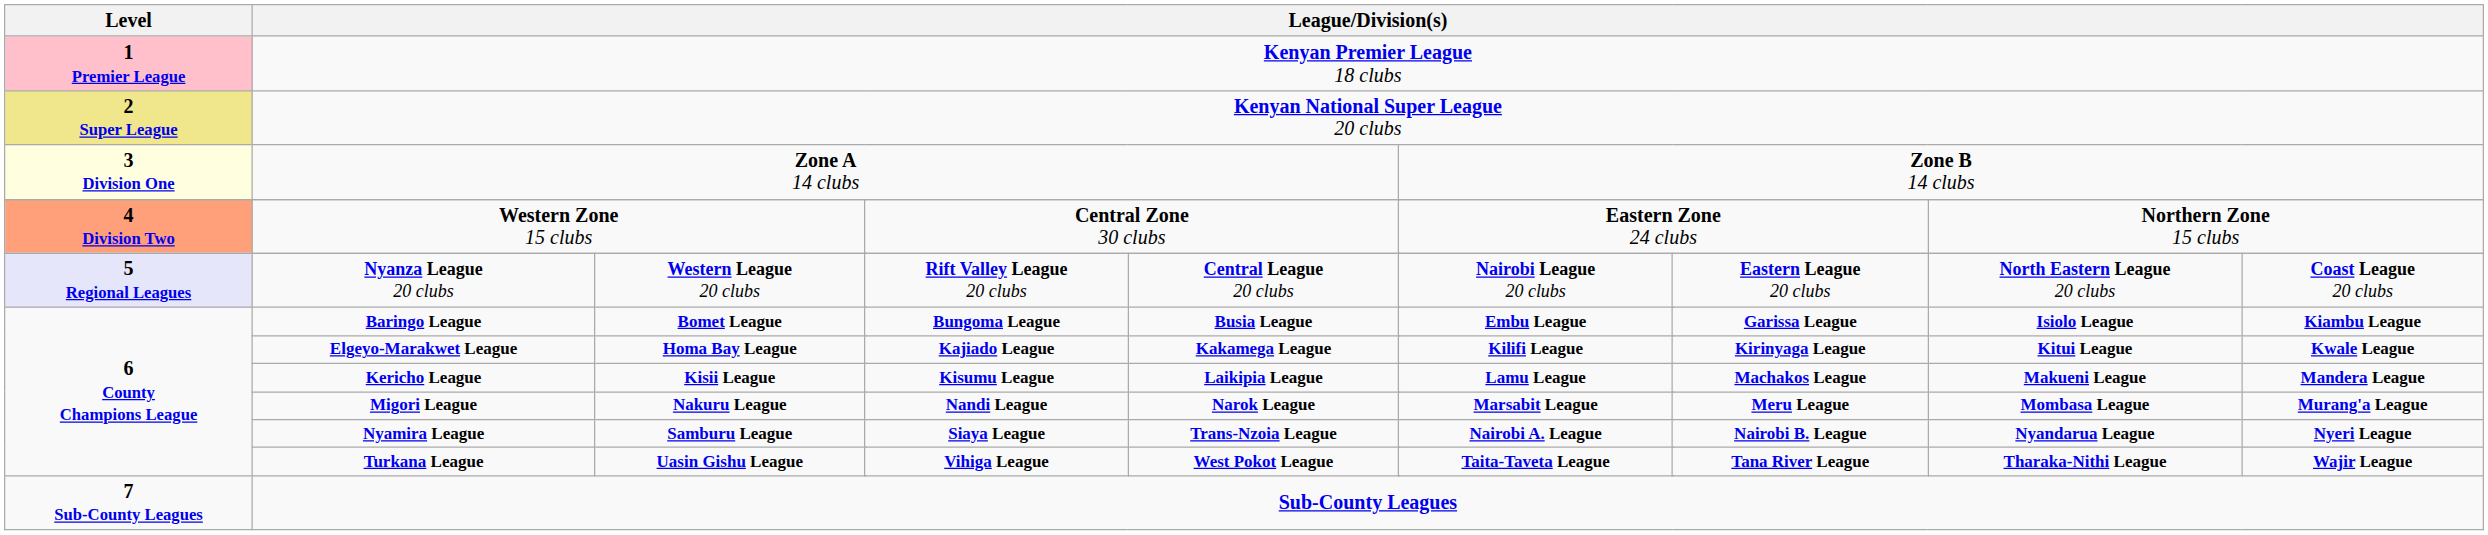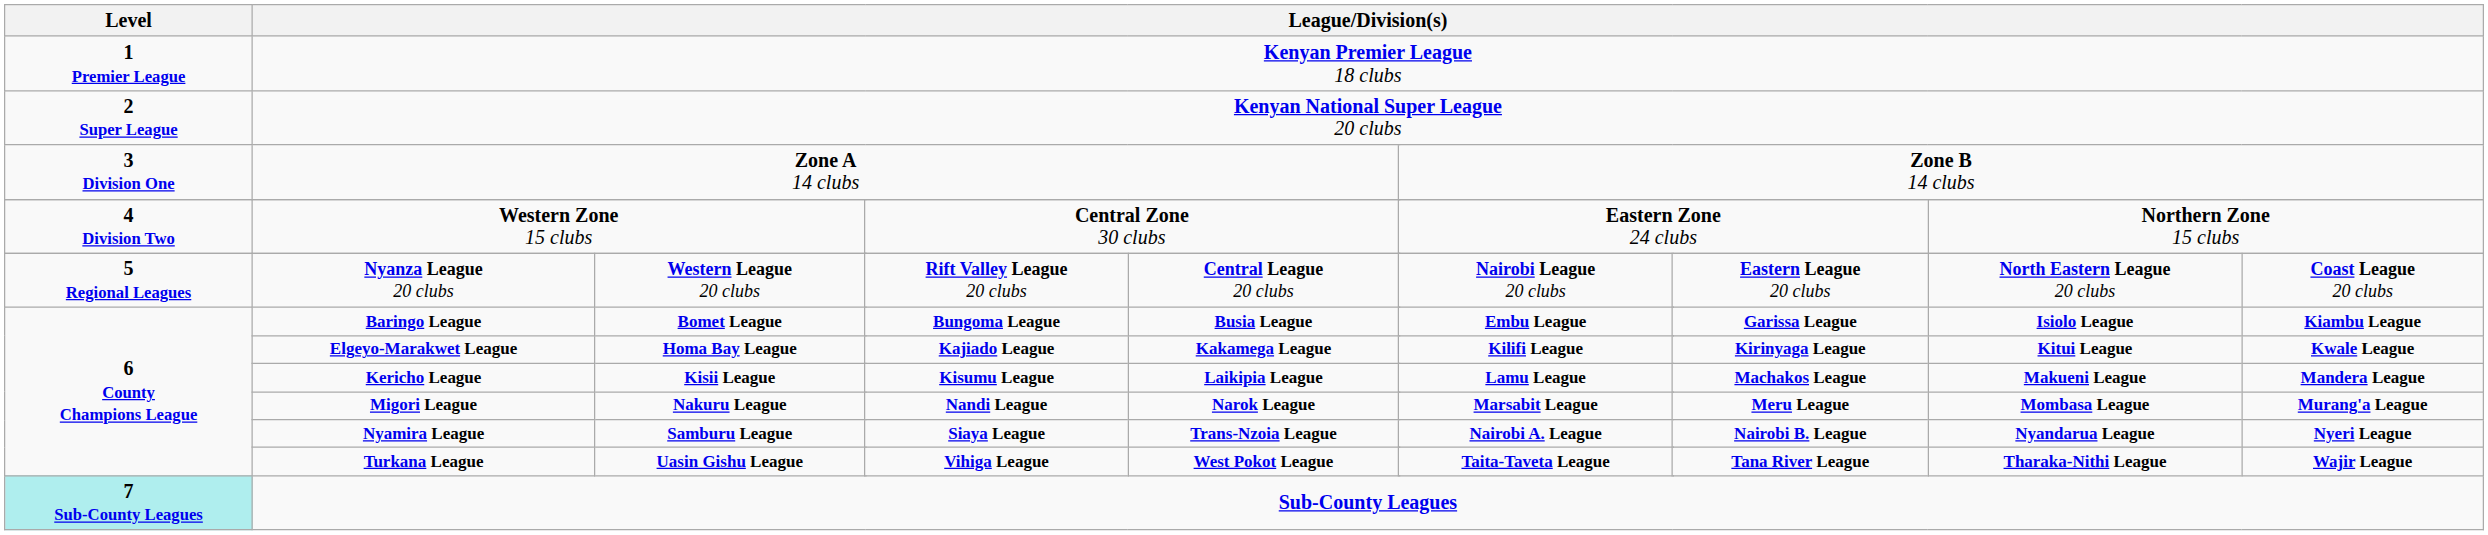 <table class="wikitable" align="center" style="width: 100%; text-align: center;">
 <tr>
 <th width="10%">Level</th>
 <th colspan="64">League/Division(s)</th>
 </tr>
 <tr>
-<td style="background: pink;"><strong>1</strong><br><small><strong><a href='#'>Premier League</a></strong></small></td>
+<td><strong>1</strong><br><small><strong><a href='#'>Premier League</a></strong></small></td>
 <td colspan="64"><strong><a href='#'>Kenyan Premier League</a></strong><br><em>18 clubs</em></td>
 </tr>
 <tr>
-<td style="background: khaki;"><strong>2</strong><br><small><strong><a href='#'>Super League</a></strong></small></td>
+<td><strong>2</strong><br><small><strong><a href='#'>Super League</a></strong></small></td>
 <td colspan="64"><strong><a href='#'>Kenyan National Super League</a></strong><br><em>20 clubs</em></td>
 </tr>
 <tr>
-<td style="background: lightyellow;"><strong>3</strong><br><small><strong><a href='#'>Division One</a></strong></small></td>
+<td><strong>3</strong><br><small><strong><a href='#'>Division One</a></strong></small></td>
 <td colspan="32"><strong>Zone A</strong><br><em>14 clubs</em></td>
 <td colspan="32"><strong>Zone B</strong><br><em>14 clubs</em></td>
 </tr>
 <tr>
 </tr>
 <tr>
-<td style="background: lightsalmon;"><strong>4</strong><br><small><strong><a href='#'>Division Two</a></strong></small></td>
+<td><strong>4</strong><br><small><strong><a href='#'>Division Two</a></strong></small></td>
 <td colspan="16"><strong>Western Zone</strong><br><em>15 clubs</em></td>
 <td colspan="16"><strong>Central Zone</strong><br><em>30 clubs</em></td>
 <td colspan="16"><strong>Eastern Zone</strong><br><em>24 clubs</em></td>
 <td colspan="16"><strong>Northern Zone</strong><br><em>15 clubs</em></td>
 </tr>
 <tr>
 </tr>
 <tr>
-<td style="background: lavender;"><strong>5</strong><br><small><strong><a href='#'>Regional Leagues</a></strong></small></td>
+<td><strong>5</strong><br><small><strong><a href='#'>Regional Leagues</a></strong></small></td>
 <td style="font-size: 90%;" colspan="8"><strong><a href='#'>Nyanza</a> League</strong><br><em>20 clubs</em></td>
 <td style="font-size: 90%;" colspan="8"><strong><a href='#'>Western</a> League</strong><br><em>20 clubs</em></td>
 <td style="font-size: 90%;" colspan="8"><strong><a href='#'>Rift Valley</a> League</strong><br><em>20 clubs</em></td>
 <td style="font-size: 90%;" colspan="8"><strong><a href='#'>Central</a> League</strong><br><em>20 clubs</em></td>
 <td style="font-size: 90%;" colspan="8"><strong><a href='#'>Nairobi</a> League</strong><br><em>20 clubs</em></td>
 <td style="font-size: 90%;" colspan="8"><strong><a href='#'>Eastern</a> League</strong><br><em>20 clubs</em></td>
 <td style="font-size: 90%;" colspan="8"><strong><a href='#'>North Eastern</a> League</strong><br><em>20 clubs</em></td>
 <td style="font-size: 90%;" colspan="8"><strong><a href='#'>Coast</a> League</strong><br><em>20 clubs</em></td>
 </tr>
 <tr>
 <td rowspan="6"><strong>6</strong><br><small><strong><a href='#'>County<br>Champions League</a></strong></small></td>
 <td style="font-size: 85%;" colspan="8"><strong><a href='#'>Baringo</a> League</strong></td>
 <td style="font-size: 85%;" colspan="8"><strong><a href='#'>Bomet</a> League</strong></td>
 <td style="font-size: 85%;" colspan="8"><strong><a href='#'>Bungoma</a> League</strong></td>
 <td style="font-size: 85%;" colspan="8"><strong><a href='#'>Busia</a> League</strong></td>
 <td style="font-size: 85%;" colspan="8"><strong><a href='#'>Embu</a> League</strong></td>
 <td style="font-size: 85%;" colspan="8"><strong><a href='#'>Garissa</a> League</strong></td>
 <td style="font-size: 85%;" colspan="8"><strong><a href='#'>Isiolo</a> League</strong></td>
 <td style="font-size: 85%;" colspan="8"><strong><a href='#'>Kiambu</a> League</strong></td>
 </tr>
 <tr>
 <td style="font-size: 85%;" colspan="8"><strong><a href='#'>Elgeyo-Marakwet</a> League</strong></td>
 <td style="font-size: 85%;" colspan="8"><strong><a href='#'>Homa Bay</a> League</strong></td>
 <td style="font-size: 85%;" colspan="8"><strong><a href='#'>Kajiado</a> League</strong></td>
 <td style="font-size: 85%;" colspan="8"><strong><a href='#'>Kakamega</a> League</strong></td>
 <td style="font-size: 85%;" colspan="8"><strong><a href='#'>Kilifi</a> League</strong></td>
 <td style="font-size: 85%;" colspan="8"><strong><a href='#'>Kirinyaga</a> League</strong></td>
 <td style="font-size: 85%;" colspan="8"><strong><a href='#'>Kitui</a> League</strong></td>
 <td style="font-size: 85%;" colspan="8"><strong><a href='#'>Kwale</a> League</strong></td>
 </tr>
 <tr>
 <td style="font-size: 85%;" colspan="8"><strong><a href='#'>Kericho</a> League</strong></td>
 <td style="font-size: 85%;" colspan="8"><strong><a href='#'>Kisii</a> League</strong></td>
 <td style="font-size: 85%;" colspan="8"><strong><a href='#'>Kisumu</a> League</strong></td>
 <td style="font-size: 85%;" colspan="8"><strong><a href='#'>Laikipia</a> League</strong></td>
 <td style="font-size: 85%;" colspan="8"><strong><a href='#'>Lamu</a> League</strong></td>
 <td style="font-size: 85%;" colspan="8"><strong><a href='#'>Machakos</a> League</strong></td>
 <td style="font-size: 85%;" colspan="8"><strong><a href='#'>Makueni</a> League</strong></td>
 <td style="font-size: 85%;" colspan="8"><strong><a href='#'>Mandera</a> League</strong></td>
 </tr>
 <tr>
 <td style="font-size: 85%;" colspan="8"><strong><a href='#'>Migori</a> League</strong></td>
 <td style="font-size: 85%;" colspan="8"><strong><a href='#'>Nakuru</a> League</strong></td>
 <td style="font-size: 85%;" colspan="8"><strong><a href='#'>Nandi</a> League</strong></td>
 <td style="font-size: 85%;" colspan="8"><strong><a href='#'>Narok</a> League</strong></td>
 <td style="font-size: 85%;" colspan="8"><strong><a href='#'>Marsabit</a> League</strong></td>
 <td style="font-size: 85%;" colspan="8"><strong><a href='#'>Meru</a> League</strong></td>
 <td style="font-size: 85%;" colspan="8"><strong><a href='#'>Mombasa</a> League</strong></td>
 <td style="font-size: 85%;" colspan="8"><strong><a href='#'>Murang'a</a> League</strong></td>
 </tr>
 <tr>
 <td style="font-size: 85%;" colspan="8"><strong><a href='#'>Nyamira</a> League</strong></td>
 <td style="font-size: 85%;" colspan="8"><strong><a href='#'>Samburu</a> League</strong></td>
 <td style="font-size: 85%;" colspan="8"><strong><a href='#'>Siaya</a> League</strong></td>
 <td style="font-size: 85%;" colspan="8"><strong><a href='#'>Trans-Nzoia</a> League</strong></td>
 <td style="font-size: 85%;" colspan="8"><strong><a href='#'>Nairobi A.</a> League</strong></td>
 <td style="font-size: 85%;" colspan="8"><strong><a href='#'>Nairobi B.</a> League</strong></td>
 <td style="font-size: 85%;" colspan="8"><strong><a href='#'>Nyandarua</a> League</strong></td>
 <td style="font-size: 85%;" colspan="8"><strong><a href='#'>Nyeri</a> League</strong></td>
 </tr>
 <tr>
 <td style="font-size: 85%;" colspan="8"><strong><a href='#'>Turkana</a> League</strong></td>
 <td style="font-size: 85%;" colspan="8"><strong><a href='#'>Uasin Gishu</a> League</strong></td>
 <td style="font-size: 85%;" colspan="8"><strong><a href='#'>Vihiga</a> League</strong></td>
 <td style="font-size: 85%;" colspan="8"><strong><a href='#'>West Pokot</a> League</strong></td>
 <td style="font-size: 85%;" colspan="8"><strong><a href='#'>Taita-Taveta</a> League</strong></td>
 <td style="font-size: 85%;" colspan="8"><strong><a href='#'>Tana River</a> League</strong></td>
 <td style="font-size: 85%;" colspan="8"><strong><a href='#'>Tharaka-Nithi</a> League</strong></td>
 <td style="font-size: 85%;" colspan="8"><strong><a href='#'>Wajir</a> League</strong></td>
 </tr>
 <tr>
-<td><strong>7</strong><br><small><strong><a href='#'>Sub-County Leagues</a></strong></small></td>
+<td style="background: paleturquoise;"><strong>7</strong><br><small><strong><a href='#'>Sub-County Leagues</a></strong></small></td>
 <td colspan="64"><strong><a href='#'>Sub-County Leagues</a></strong></td>
 </tr>
 </table>
